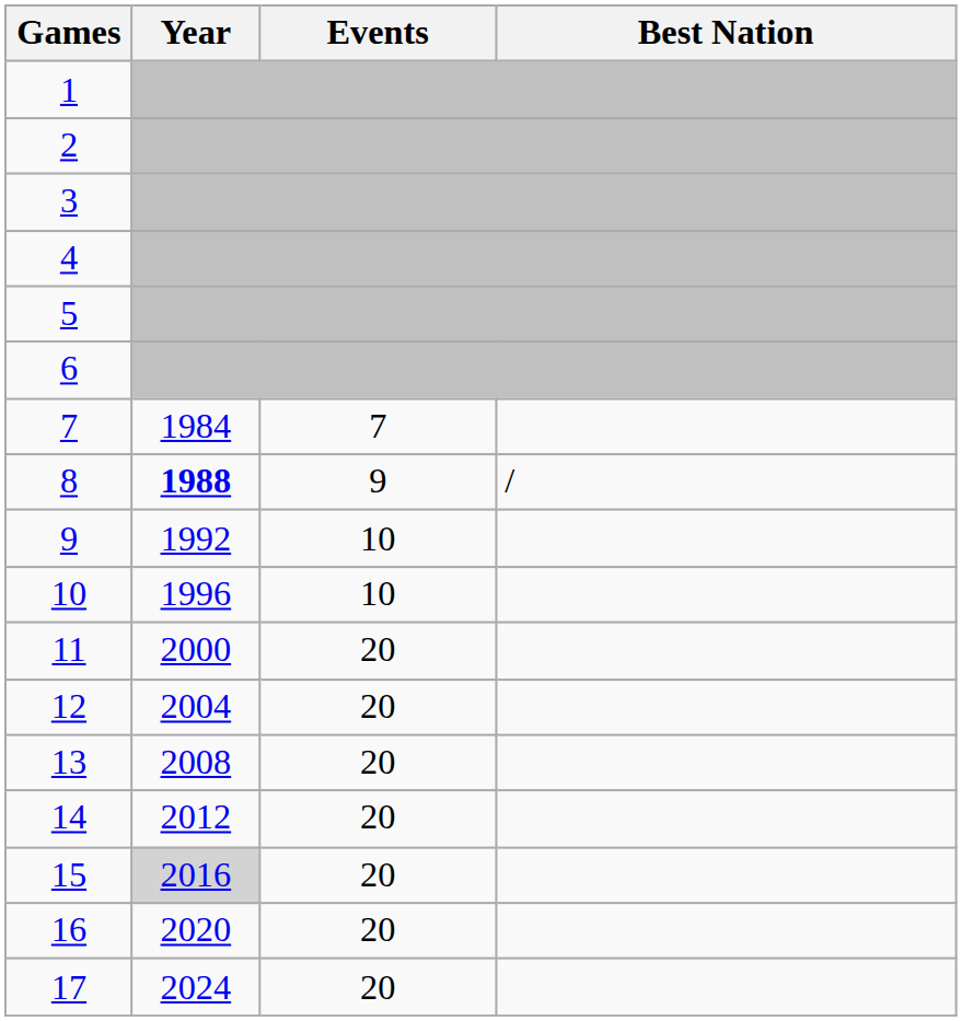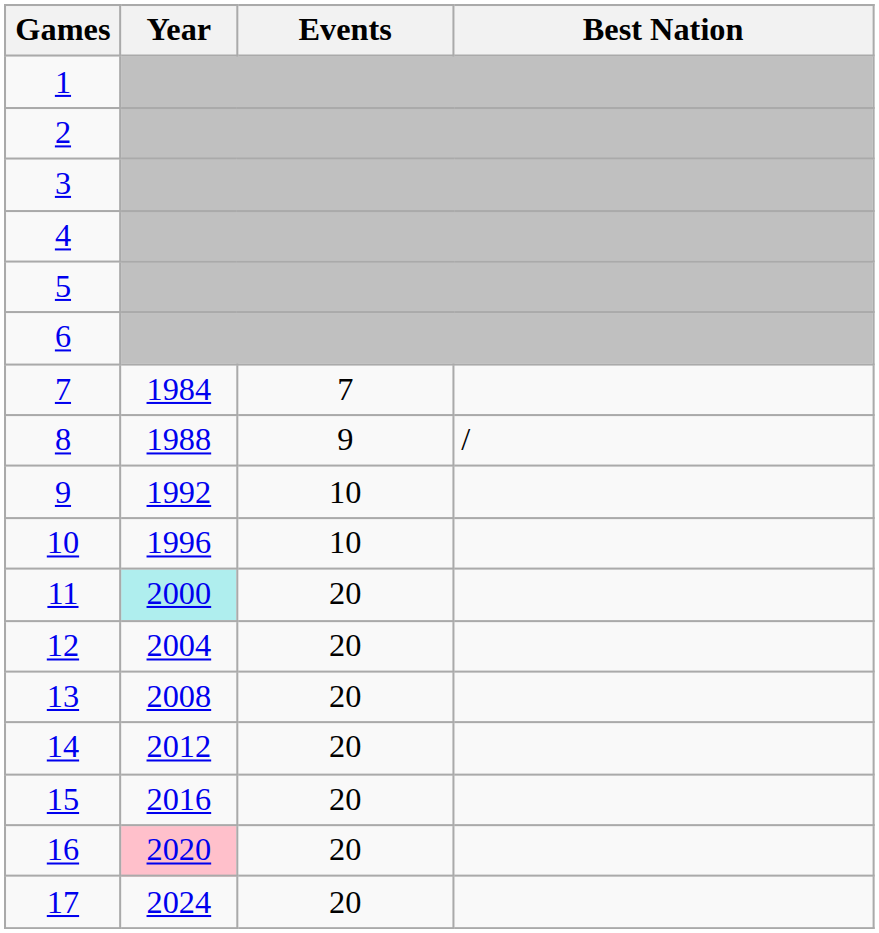 <table class=wikitable>
 <tr>
 <th width=50>Games</th>
 <th width=50>Year</th>
 <th width=100>Events</th>
 <th width=200>Best Nation</th>
 </tr>
 <tr>
 <td align=center><a href='#'>1</a></td>
 <td colspan=4 bgcolor=silver></td>
 </tr>
 <tr>
 <td align=center><a href='#'>2</a></td>
 <td colspan=4 bgcolor=silver></td>
 </tr>
 <tr>
 <td align=center><a href='#'>3</a></td>
 <td colspan=4 bgcolor=silver></td>
 </tr>
 <tr>
 <td align=center><a href='#'>4</a></td>
 <td colspan=4 bgcolor=silver></td>
 </tr>
 <tr>
 <td align=center><a href='#'>5</a></td>
 <td colspan=4 bgcolor=silver></td>
 </tr>
 <tr>
 <td align=center><a href='#'>6</a></td>
 <td colspan=4 bgcolor=silver></td>
 </tr>
 <tr>
 <td align=center><a href='#'>7</a></td>
 <td align=center><a href='#'>1984</a></td>
 <td align=center>7</td>
 <td></td>
 </tr>
 <tr>
 <td align=center><a href='#'>8</a></td>
-<td align=center><strong><a href='#'>1988</a></strong></td>
+<td align=center><a href='#'>1988</a></td>
 <td align=center>9</td>
 <td> / </td>
 </tr>
 <tr>
 <td align=center><a href='#'>9</a></td>
 <td align=center><a href='#'>1992</a></td>
 <td align=center>10</td>
 <td></td>
 </tr>
 <tr>
 <td align=center><a href='#'>10</a></td>
 <td align=center><a href='#'>1996</a></td>
 <td align=center>10</td>
 <td></td>
 </tr>
 <tr>
 <td align=center><a href='#'>11</a></td>
-<td align=center><a href='#'>2000</a></td>
+<td align=center style="background: paleturquoise;"><a href='#'>2000</a></td>
 <td align=center>20</td>
 <td></td>
 </tr>
 <tr>
 <td align=center><a href='#'>12</a></td>
 <td align=center><a href='#'>2004</a></td>
 <td align=center>20</td>
 <td></td>
 </tr>
 <tr>
 <td align=center><a href='#'>13</a></td>
 <td align=center><a href='#'>2008</a></td>
 <td align=center>20</td>
 <td></td>
 </tr>
 <tr>
 <td align=center><a href='#'>14</a></td>
 <td align=center><a href='#'>2012</a></td>
 <td align=center>20</td>
 <td></td>
 </tr>
 <tr>
 <td align=center><a href='#'>15</a></td>
-<td align=center style="background: lightgrey;"><a href='#'>2016</a></td>
+<td align=center><a href='#'>2016</a></td>
 <td align=center>20</td>
 <td></td>
 </tr>
 <tr>
 <td align=center><a href='#'>16</a></td>
-<td align=center><a href='#'>2020</a></td>
+<td align=center style="background: pink;"><a href='#'>2020</a></td>
 <td align=center>20</td>
 <td></td>
 </tr>
 <tr>
 <td align=center><a href='#'>17</a></td>
 <td align=center><a href='#'>2024</a></td>
 <td align=center>20</td>
 <td></td>
 </tr>
 </table>
